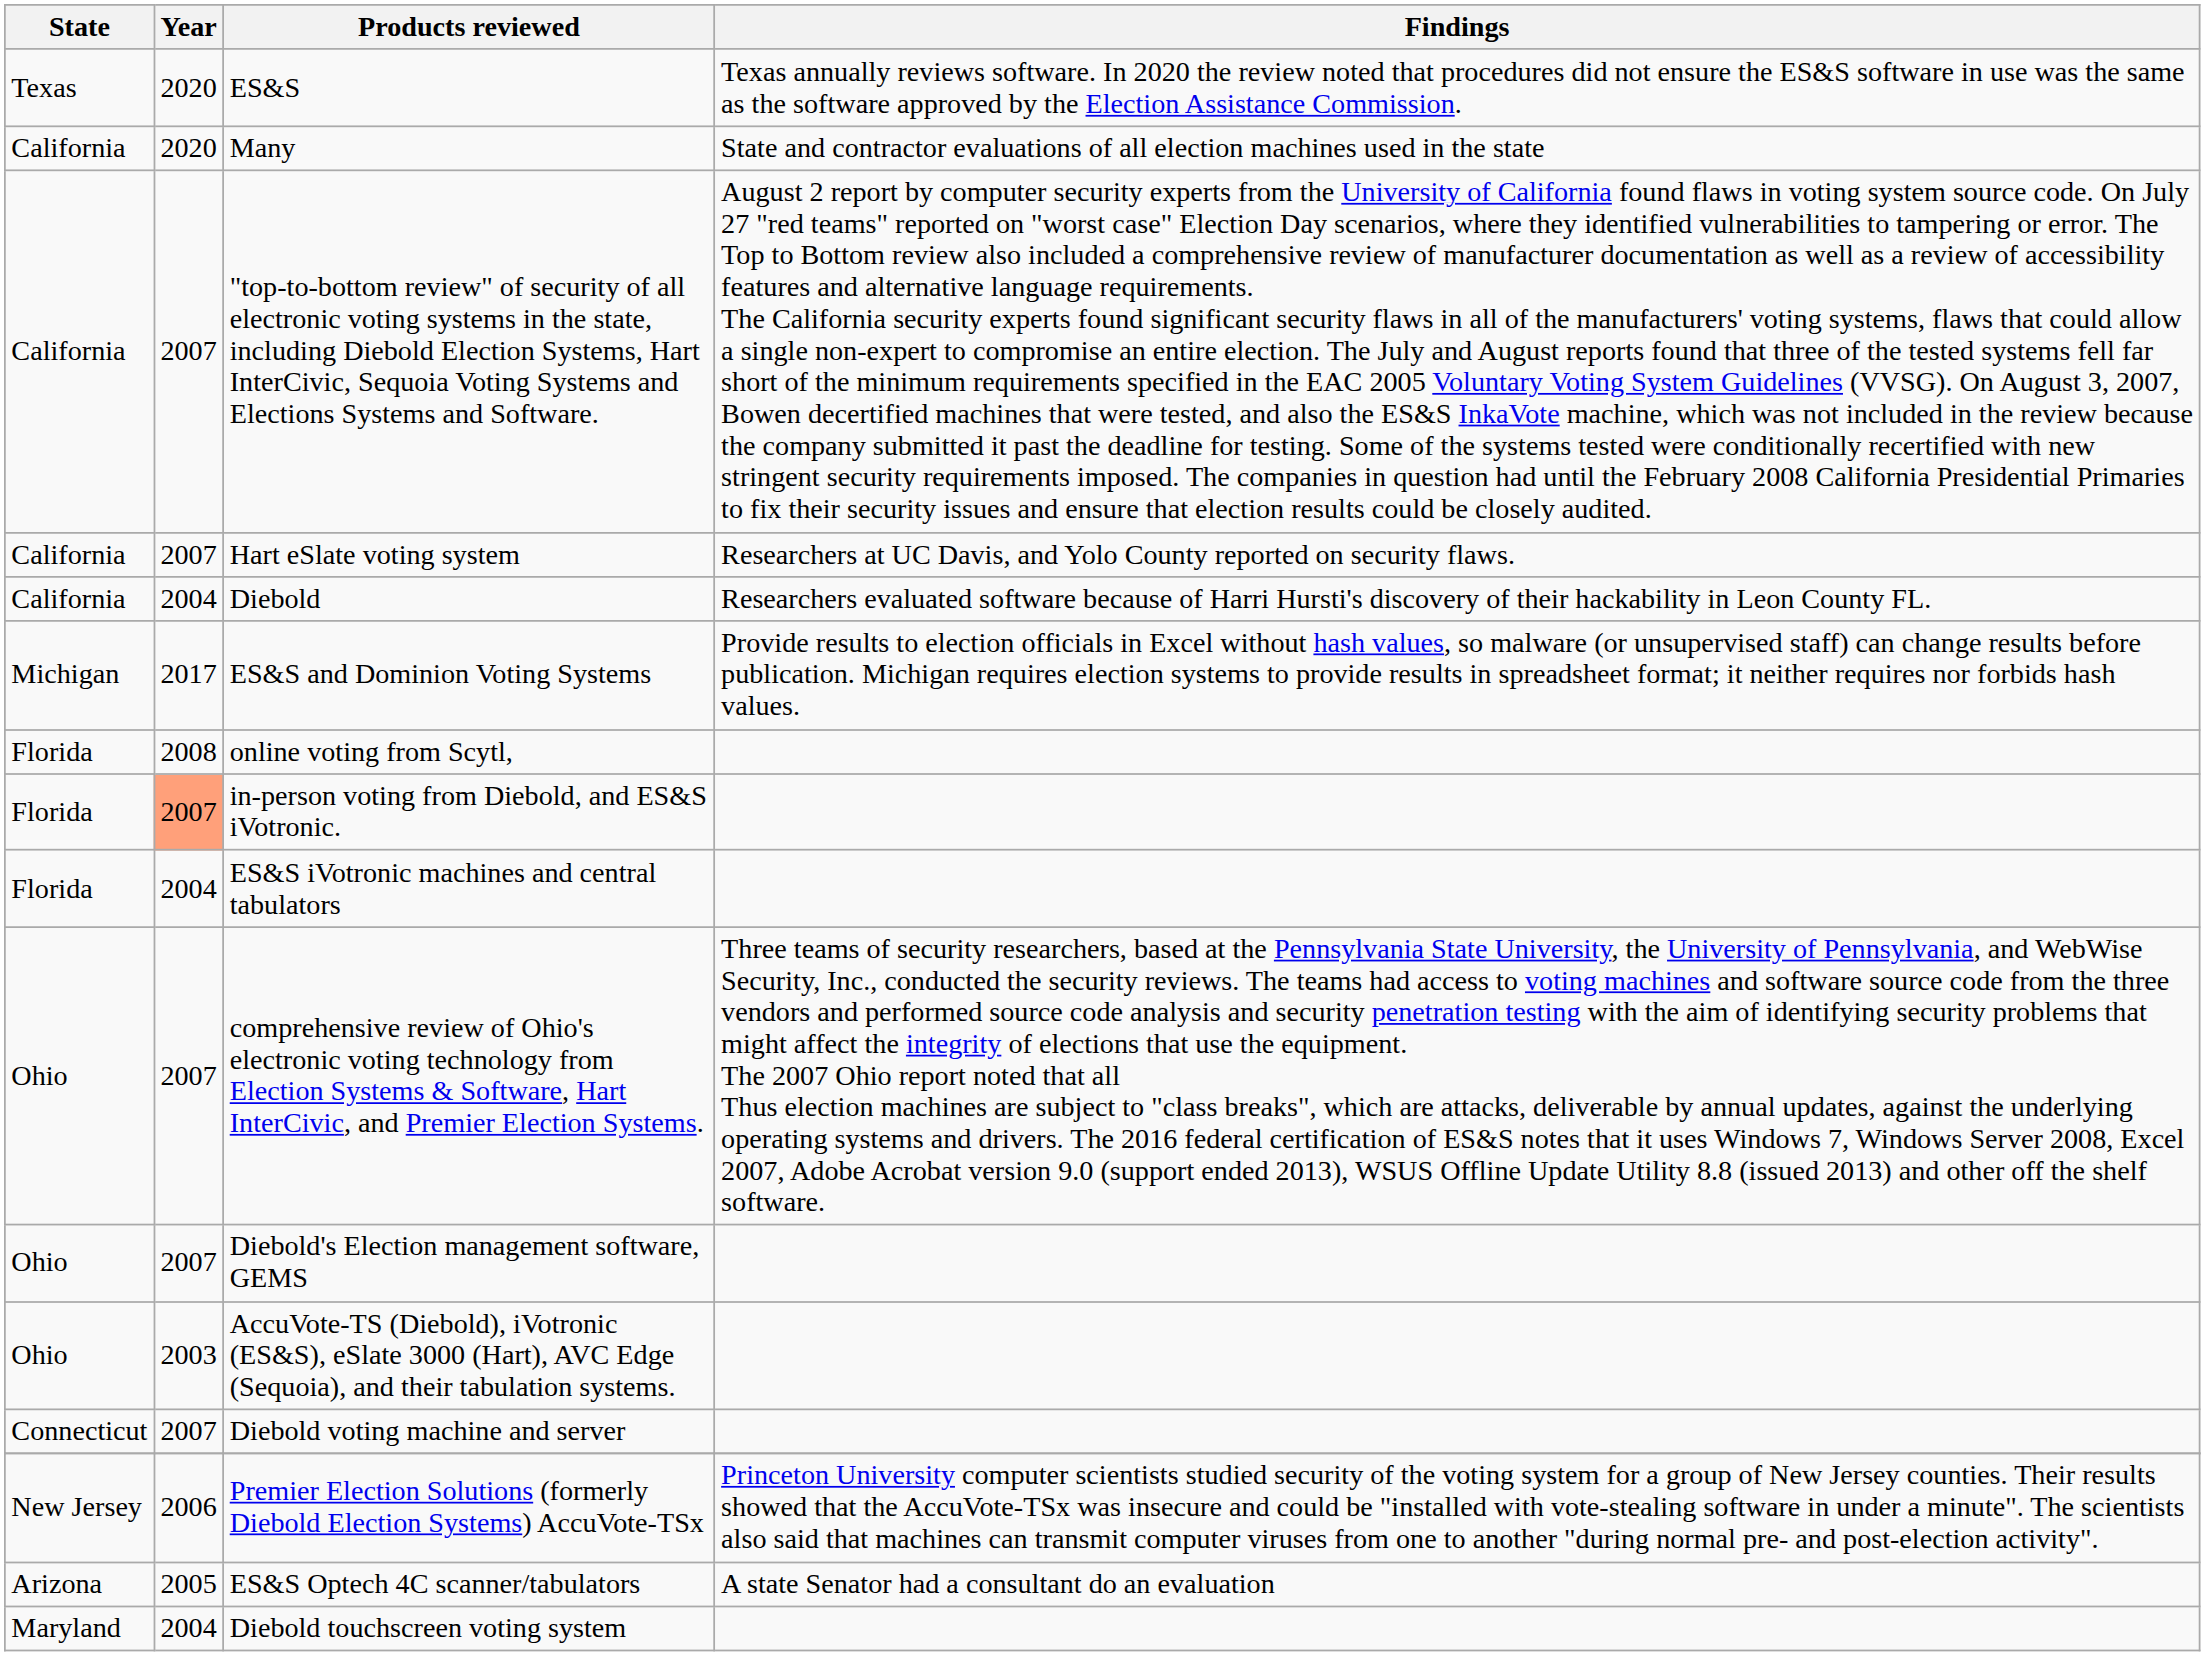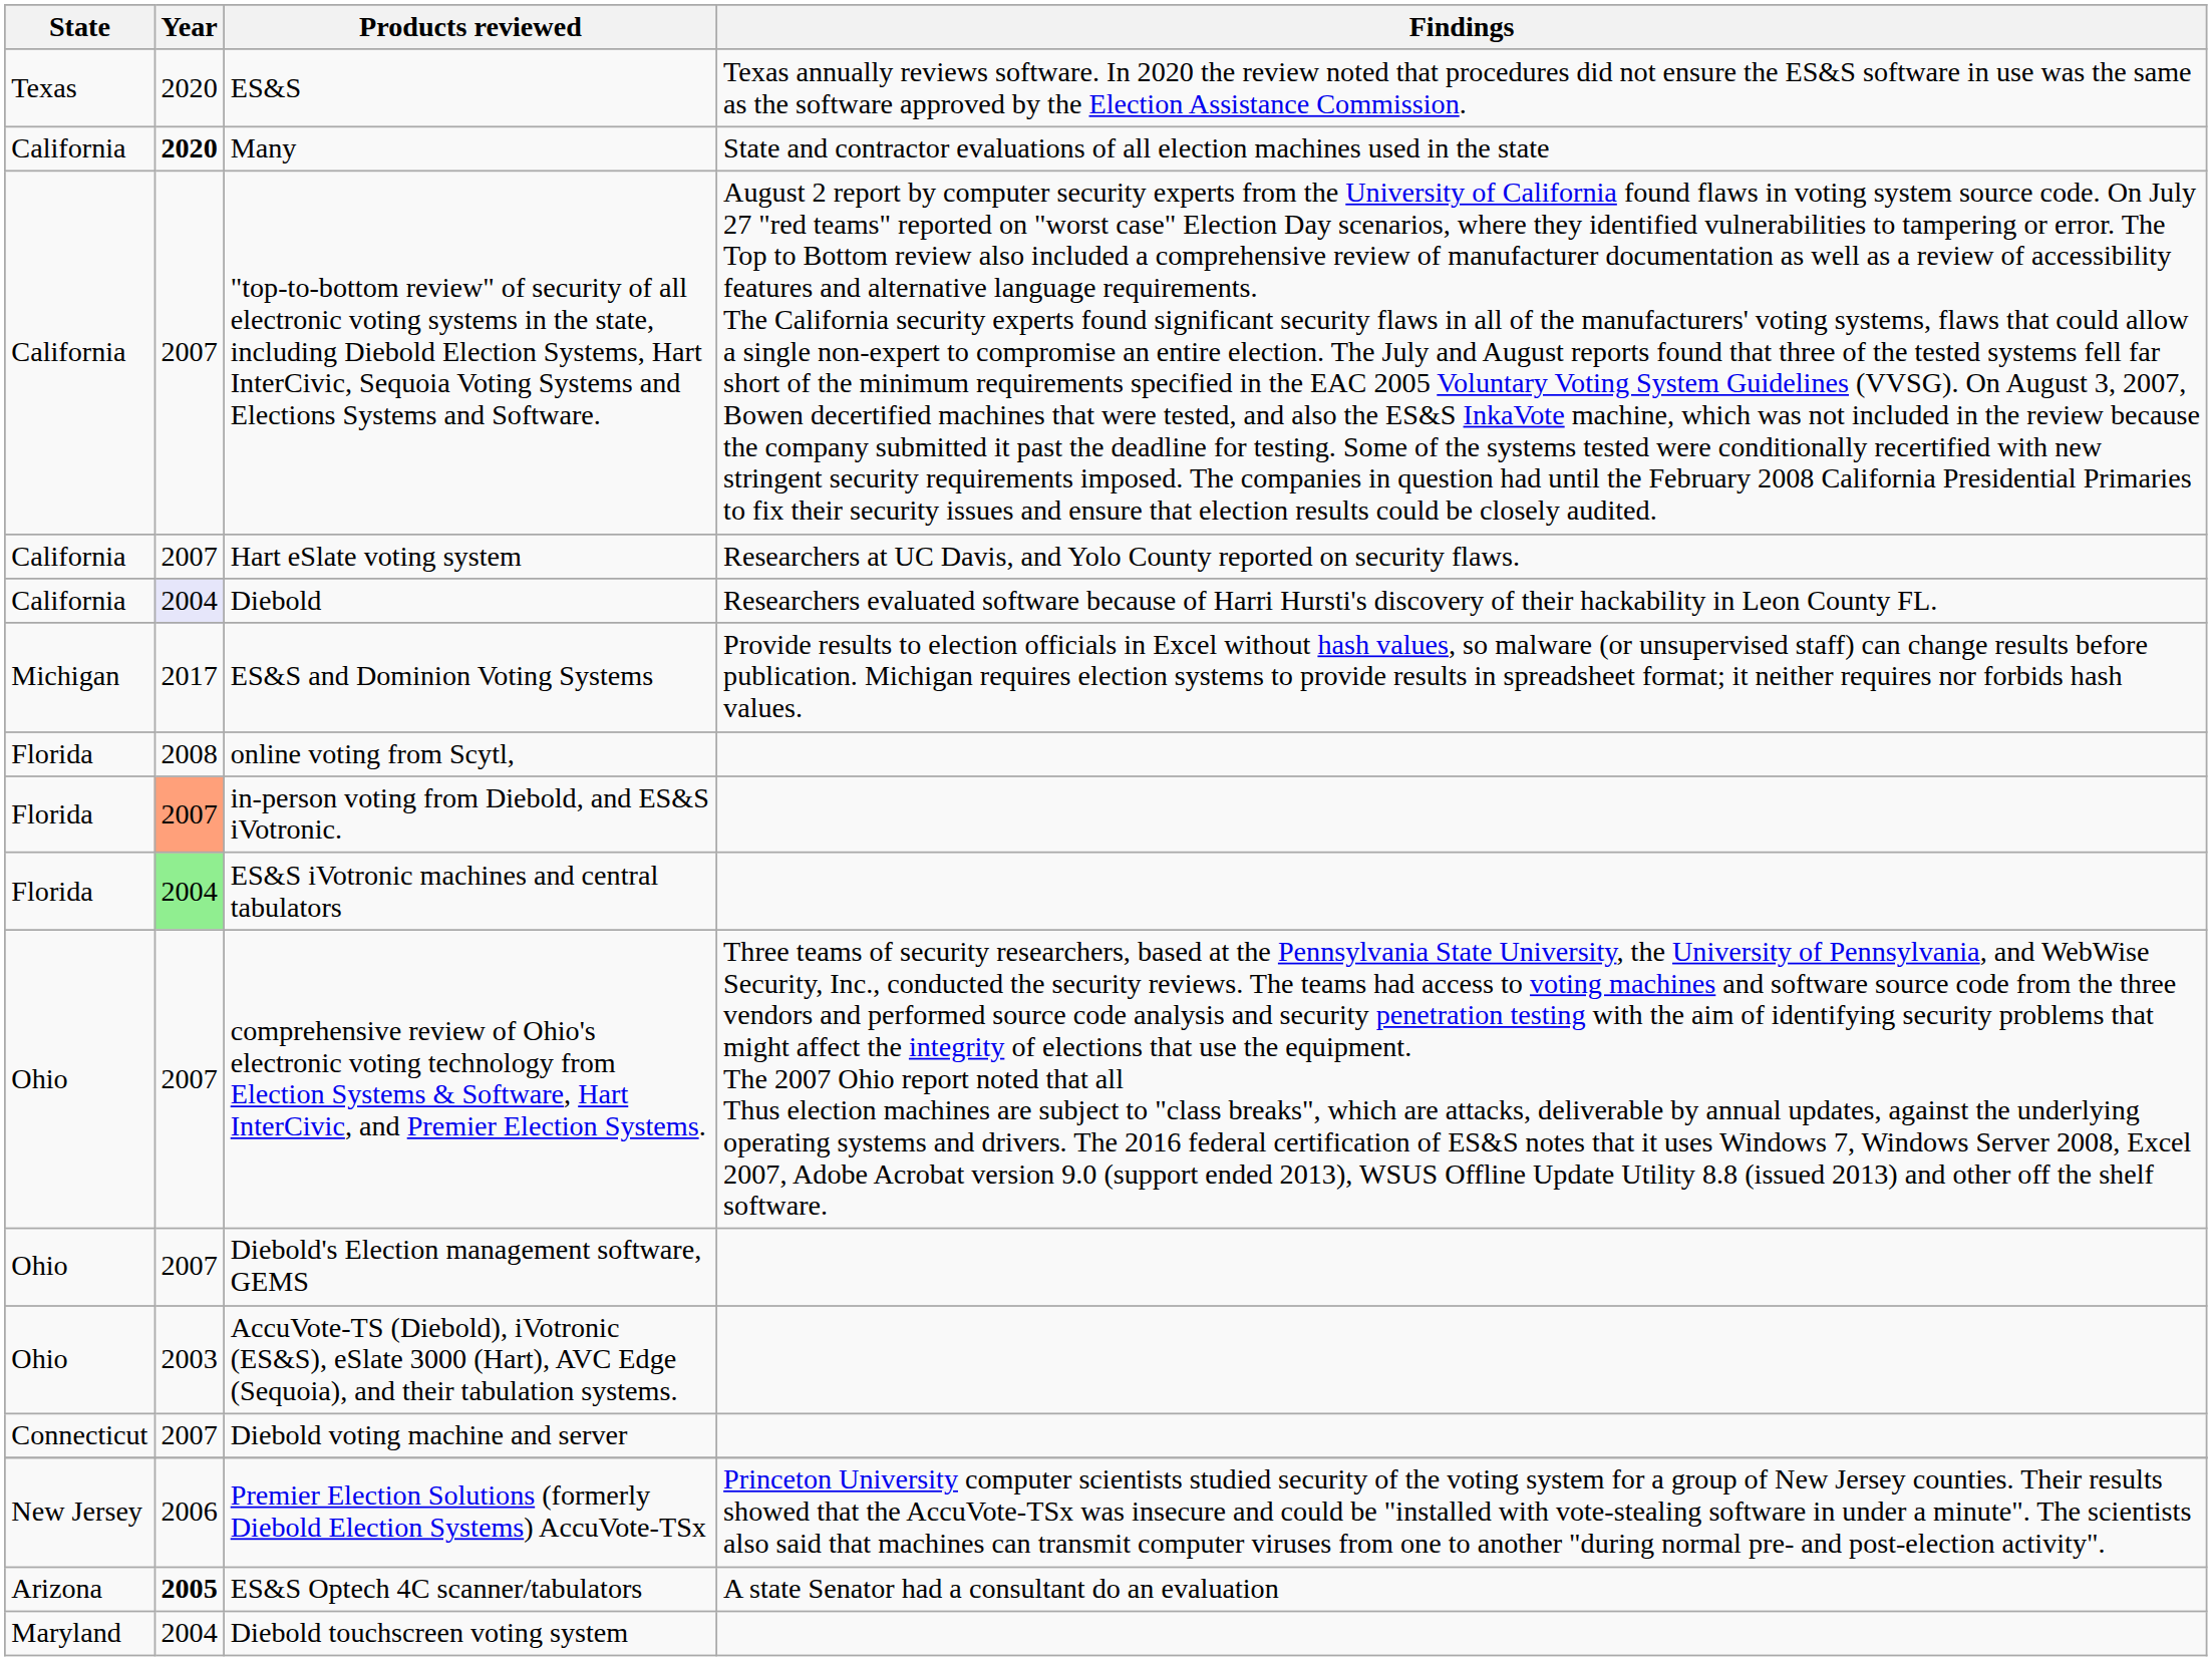 <table class="wikitable sortable">
 <tr>
 <th>State</th>
 <th>Year</th>
 <th>Products reviewed</th>
 <th>Findings</th>
 </tr>
 <tr>
 <td>Texas</td>
 <td>2020</td>
 <td>ES&S</td>
 <td>Texas annually reviews software. In 2020 the review noted that procedures did not ensure the ES&S software in use was the same as the software approved by the <a href='#'>Election Assistance Commission</a>.</td>
 </tr>
 <tr>
 <td>California</td>
-<td>2020</td>
+<td><strong>2020</strong></td>
 <td>Many</td>
 <td>State and contractor evaluations of all election machines used in the state</td>
 </tr>
 <tr>
 <td>California</td>
 <td>2007</td>
 <td>"top-to-bottom review" of security of all electronic voting systems in the state, including Diebold Election Systems, Hart InterCivic, Sequoia Voting Systems and Elections Systems and Software.</td>
 <td>August 2 report by computer security experts from the <a href='#'>University of California</a> found flaws in voting system source code. On July 27 "red teams" reported on "worst case" Election Day scenarios, where they identified vulnerabilities to tampering or error. The Top to Bottom review also included a comprehensive review of manufacturer documentation as well as a review of accessibility features and alternative language requirements.<br>The California security experts found significant security flaws in all of the manufacturers' voting systems, flaws that could allow a single non-expert to compromise an entire election. The July and August reports found that three of the tested systems fell far short of the minimum requirements specified in the EAC 2005 <a href='#'>Voluntary Voting System Guidelines</a> (VVSG). On August 3, 2007, Bowen decertified machines that were tested, and also the ES&S <a href='#'>InkaVote</a> machine, which was not included in the review because the company submitted it past the deadline for testing. Some of the systems tested were conditionally recertified with new stringent security requirements imposed. The companies in question had until the February 2008 California Presidential Primaries to fix their security issues and ensure that election results could be closely audited.</td>
 </tr>
 <tr>
 <td>California</td>
 <td>2007</td>
 <td>Hart eSlate voting system</td>
 <td>Researchers at UC Davis, and Yolo County reported on security flaws.</td>
 </tr>
 <tr>
 <td>California</td>
-<td>2004</td>
+<td style="background: lavender;">2004</td>
 <td>Diebold</td>
 <td>Researchers evaluated software because of Harri Hursti's discovery of their hackability in Leon County FL.</td>
 </tr>
 <tr>
 <td>Michigan</td>
 <td>2017</td>
 <td>ES&S and Dominion Voting Systems</td>
 <td>Provide results to election officials in Excel without <a href='#'>hash values</a>, so malware (or unsupervised staff) can change results before publication. Michigan requires election systems to provide results in spreadsheet format; it neither requires nor forbids hash values.</td>
 </tr>
 <tr>
 <td>Florida</td>
 <td>2008</td>
 <td>online voting from Scytl,</td>
 <td></td>
 </tr>
 <tr>
 <td>Florida</td>
 <td style="background: lightsalmon;">2007</td>
 <td>in-person voting from Diebold, and ES&S iVotronic.</td>
 <td></td>
 </tr>
 <tr>
 <td>Florida</td>
-<td>2004</td>
+<td style="background: lightgreen;">2004</td>
 <td>ES&S iVotronic machines and central tabulators</td>
 <td></td>
 </tr>
 <tr>
 <td>Ohio</td>
 <td>2007</td>
 <td>comprehensive review of Ohio's electronic voting technology from <a href='#'>Election Systems & Software</a>, <a href='#'>Hart InterCivic</a>, and <a href='#'>Premier Election Systems</a>.</td>
 <td>Three teams of security researchers, based at the <a href='#'>Pennsylvania State University</a>, the <a href='#'>University of Pennsylvania</a>, and WebWise Security, Inc., conducted the security reviews. The teams had access to <a href='#'>voting machines</a> and software source code from the three vendors and performed source code analysis and security <a href='#'>penetration testing</a> with the aim of identifying security problems that might affect the <a href='#'>integrity</a> of elections that use the equipment.<br>The 2007 Ohio report noted that all <br>Thus election machines are subject to "class breaks", which are attacks, deliverable by annual updates, against the underlying operating systems and drivers.  The 2016 federal certification of ES&S notes that it uses Windows 7, Windows Server 2008, Excel 2007, Adobe Acrobat version 9.0 (support ended 2013), WSUS Offline Update Utility 8.8 (issued 2013) and other off the shelf software.</td>
 </tr>
 <tr>
 <td>Ohio</td>
 <td>2007</td>
 <td>Diebold's Election management software, GEMS</td>
 <td></td>
 </tr>
 <tr>
 <td>Ohio</td>
 <td>2003</td>
 <td>AccuVote-TS (Diebold), iVotronic (ES&S), eSlate 3000 (Hart), AVC Edge (Sequoia), and their tabulation systems.</td>
 <td></td>
 </tr>
 <tr>
 <td>Connecticut</td>
 <td>2007</td>
 <td>Diebold voting machine and server</td>
 <td></td>
 </tr>
 <tr Kentucky||2007||ES&S, Hart, Diebold systems||Includes expert report by Jeremy Epstein and report by KY Attorney General>
 </tr>
 <tr>
 <td>New Jersey</td>
 <td>2006</td>
 <td><a href='#'>Premier Election Solutions</a> (formerly <a href='#'>Diebold Election Systems</a>) AccuVote-TSx</td>
 <td><a href='#'>Princeton University</a> computer scientists studied security of the voting system for a group of New Jersey counties. Their results showed that the AccuVote-TSx was insecure and could be "installed with vote-stealing software in under a minute". The scientists also said that machines can transmit computer viruses from one to another "during normal pre- and post-election activity".</td>
 </tr>
 <tr>
 <td>Arizona</td>
-<td>2005</td>
+<td><strong>2005</strong></td>
 <td>ES&S Optech 4C scanner/tabulators</td>
 <td>A state Senator had a consultant do an evaluation</td>
 </tr>
 <tr>
 <td>Maryland</td>
 <td>2004</td>
 <td>Diebold touchscreen voting system</td>
 <td></td>
 </tr>
 </table>
